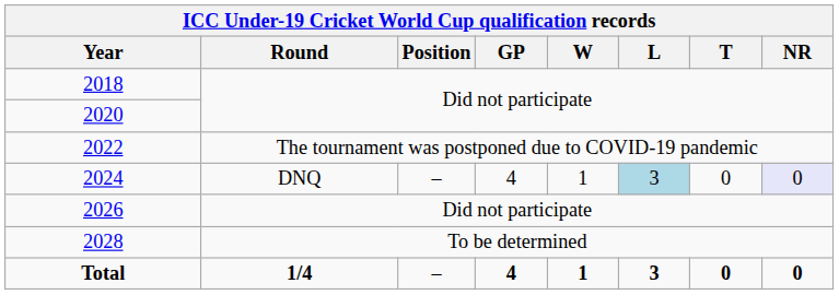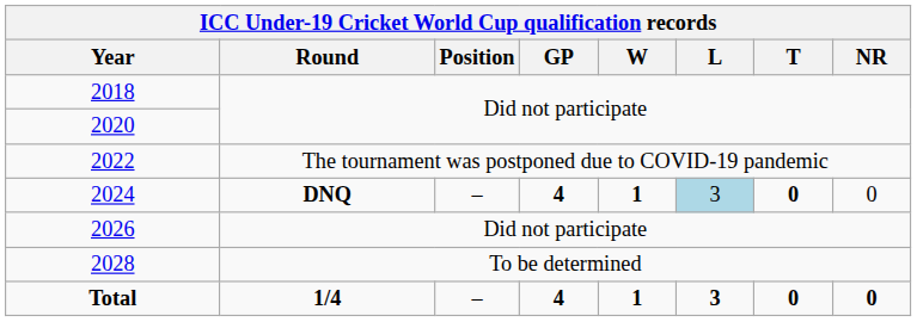 <table class="wikitable" style="text-align: center; width=900px;">
 <tr>
 <th colspan=9><a href='#'>ICC Under-19 Cricket World Cup qualification</a> records</th>
 </tr>
 <tr>
 <th width=150>Year</th>
 <th width=150>Round</th>
 <th width=50>Position</th>
 <th width=50>GP</th>
 <th width=50>W</th>
 <th width=50>L</th>
 <th width=50>T</th>
 <th width=50>NR</th>
 </tr>
 <tr>
 <td> <a href='#'>2018</a></td>
 <td colspan=8 rowspan=2>Did not participate</td>
 </tr>
 <tr>
 <td> <a href='#'>2020</a></td>
 </tr>
 <tr>
 <td> <a href='#'>2022</a></td>
 <td colspan=8>The tournament was postponed due to COVID-19 pandemic</td>
 </tr>
 <tr>
 <td> <a href='#'>2024</a></td>
-<td>DNQ</td>
+<td><strong>DNQ</strong></td>
 <td>–</td>
-<td>4</td>
-<td>1</td>
+<td><strong>4</strong></td>
+<td><strong>1</strong></td>
 <td style="background: lightblue;">3</td>
+<td><strong>0</strong></td>
 <td>0</td>
-<td style="background: lavender;">0</td>
 </tr>
 <tr>
 <td> <a href='#'>2026</a></td>
 <td colspan=8>Did not participate</td>
 </tr>
 <tr>
 <td> <a href='#'>2028</a></td>
 <td rowspan=1 colspan=8>To be determined</td>
 </tr>
 <tr>
 <td><strong>Total</strong></td>
 <td><strong>1/4</strong></td>
 <td>–</td>
 <td><strong>4</strong></td>
 <td><strong>1</strong></td>
 <td><strong>3</strong></td>
 <td><strong>0</strong></td>
 <td><strong>0</strong></td>
 </tr>
 </table>
